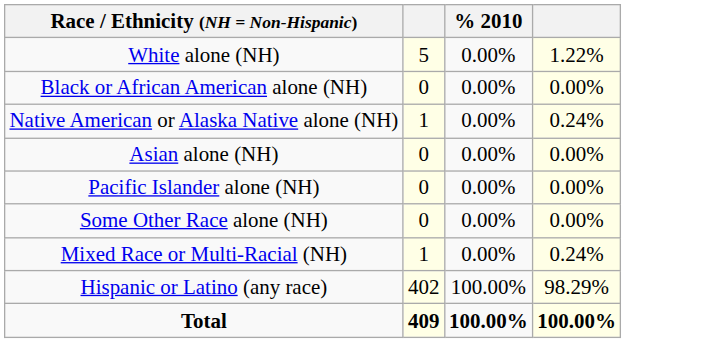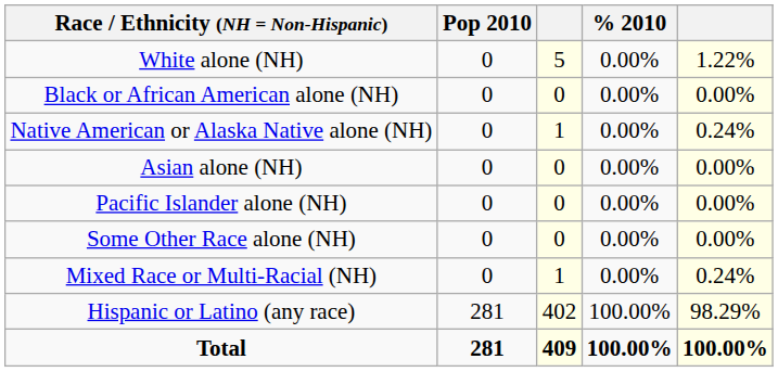 <table class="wikitable" style="text-align:center;">
 <tr>
 <th>Race / Ethnicity <small>(<em>NH = Non-Hispanic</em>)</small></th>
+<th>Pop 2010</th>
 <th></th>
 <th>% 2010</th>
 <th></th>
 </tr>
 <tr>
 <td><a href='#'>White</a> alone (NH)</td>
+<td>0</td>
 <td style='background: #ffffe6;'>5</td>
 <td>0.00%</td>
 <td style='background: #ffffe6;'>1.22%</td>
 </tr>
 <tr>
 <td><a href='#'>Black or African American</a> alone (NH)</td>
+<td>0</td>
 <td style='background: #ffffe6;'>0</td>
 <td>0.00%</td>
 <td style='background: #ffffe6;'>0.00%</td>
 </tr>
 <tr>
 <td><a href='#'>Native American</a> or <a href='#'>Alaska Native</a> alone (NH)</td>
+<td>0</td>
 <td style='background: #ffffe6;'>1</td>
 <td>0.00%</td>
 <td style='background: #ffffe6;'>0.24%</td>
 </tr>
 <tr>
 <td><a href='#'>Asian</a> alone (NH)</td>
+<td>0</td>
 <td style='background: #ffffe6;'>0</td>
 <td>0.00%</td>
 <td style='background: #ffffe6;'>0.00%</td>
 </tr>
 <tr>
 <td><a href='#'>Pacific Islander</a> alone (NH)</td>
+<td>0</td>
 <td style='background: #ffffe6;'>0</td>
 <td>0.00%</td>
 <td style='background: #ffffe6;'>0.00%</td>
 </tr>
 <tr>
 <td><a href='#'>Some Other Race</a> alone (NH)</td>
+<td>0</td>
 <td style='background: #ffffe6;'>0</td>
 <td>0.00%</td>
 <td style='background: #ffffe6;'>0.00%</td>
 </tr>
 <tr>
 <td><a href='#'>Mixed Race or Multi-Racial</a> (NH)</td>
+<td>0</td>
 <td style='background: #ffffe6;'>1</td>
 <td>0.00%</td>
 <td style='background: #ffffe6;'>0.24%</td>
 </tr>
 <tr>
 <td><a href='#'>Hispanic or Latino</a> (any race)</td>
+<td>281</td>
 <td style='background: #ffffe6;'>402</td>
 <td>100.00%</td>
 <td style='background: #ffffe6;'>98.29%</td>
 </tr>
 <tr>
 <td><strong>Total</strong></td>
+<td><strong>281</strong></td>
 <td style='background: #ffffe6;'><strong>409</strong></td>
 <td><strong>100.00%</strong></td>
 <td style='background: #ffffe6;'><strong>100.00%</strong></td>
 </tr>
 </table>
